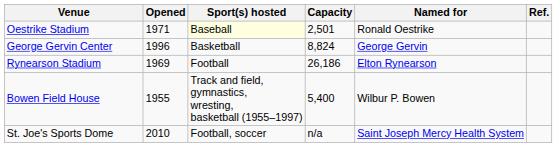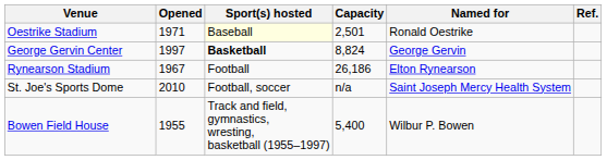 <table class="wikitable"; style= "text-align: ">
 <tr>
 <th width=200px>Venue</th>
 <th width=px>Opened</th>
 <th width=px>Sport(s) hosted</th>
 <th width=px>Capacity</th>
 <th width=px>Named for</th>
 <th width=px>Ref.</th>
 </tr>
 <tr>
 <td><a href='#'>Oestrike Stadium</a></td>
 <td>1971</td>
 <td style="background: lightyellow;">Baseball</td>
 <td>2,501</td>
 <td>Ronald Oestrike </td>
 <td></td>
 </tr>
 <tr>
 <td><a href='#'>George Gervin Center</a></td>
-<td>1996</td>
-<td>Basketball</td>
+<td>1997</td>
+<td><strong>Basketball</strong></td>
 <td>8,824</td>
 <td><a href='#'>George Gervin</a></td>
 <td></td>
 </tr>
 <tr>
 <td><a href='#'>Rynearson Stadium</a></td>
-<td>1969</td>
+<td>1967</td>
 <td>Football</td>
 <td>26,186</td>
 <td><a href='#'>Elton Rynearson</a></td>
+<td></td>
+</tr>
+<tr>
+<td>St. Joe's Sports Dome </td>
+<td>2010</td>
+<td>Football, soccer</td>
+<td>n/a</td>
+<td><a href='#'>Saint Joseph Mercy Health System</a></td>
 <td></td>
 </tr>
 <tr>
 <td><a href='#'>Bowen Field House</a></td>
 <td>1955</td>
 <td>Track and field,<br> gymnastics,<br> wresting,<br> basketball (1955–1997)</td>
 <td>5,400</td>
 <td>Wilbur P. Bowen </td>
 <td></td>
 </tr>
-<tr>
-<td>St. Joe's Sports Dome </td>
-<td>2010</td>
-<td>Football, soccer</td>
-<td>n/a</td>
-<td><a href='#'>Saint Joseph Mercy Health System</a></td>
-<td></td>
-</tr>
 </table>
